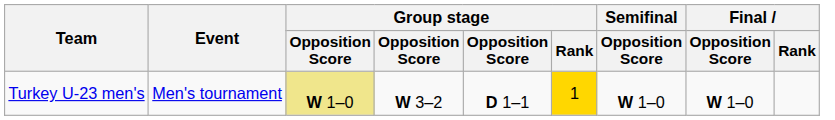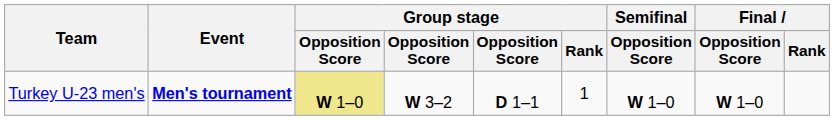 <table class="wikitable" style="text-align:center; font-size:90%">
 <tr>
 <th rowspan=2>Team</th>
 <th rowspan=2>Event</th>
 <th colspan=4>Group stage</th>
 <th>Semifinal</th>
 <th colspan=2>Final / </th>
 </tr>
 <tr style="font-size:95%">
 <th>Opposition<br>Score</th>
 <th>Opposition<br>Score</th>
 <th>Opposition<br>Score</th>
 <th>Rank</th>
 <th>Opposition<br>Score</th>
 <th>Opposition<br>Score</th>
 <th>Rank</th>
 </tr>
 <tr>
 <td align=left><a href='#'>Turkey U-23 men's</a></td>
-<td align=left><a href='#'>Men's tournament</a></td>
+<td align=left><strong><a href='#'>Men's tournament</a></strong></td>
 <td style="background: khaki;"><br><strong>W</strong> 1–0</td>
 <td><br><strong>W</strong> 3–2</td>
 <td><br><strong>D</strong> 1–1</td>
-<td style="background: gold;">1</td>
+<td>1</td>
 <td><br><strong>W</strong> 1–0</td>
 <td><br><strong>W</strong> 1–0</td>
 <td></td>
 </tr>
 </table>
